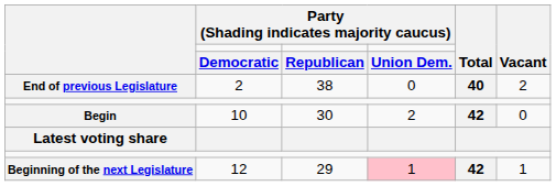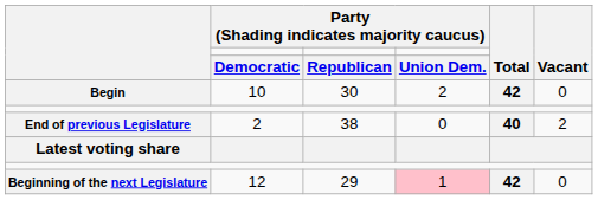 <table class=wikitable style="text-align:center">
 <tr style="vertical-align:bottom;">
 <th rowspan=3></th>
 <th colspan=3>Party <div>(Shading indicates majority caucus)</div></th>
 <th rowspan=3>Total</th>
 <th rowspan=3>Vacant</th>
 </tr>
 <tr style="height:5px">
 <td style="background-color:"></td>
 <td style="background-color:"></td>
 <td style="background-color:"></td>
 </tr>
 <tr>
 <th><a href='#'>Democratic</a></th>
 <th><a href='#'>Republican</a></th>
 <th><a href='#'>Union Dem.</a></th>
 </tr>
 <tr>
+<th style="font-size:80%">Begin</th>
+<td>10</td>
+<td>30</td>
+<td>2</td>
+<th>42</th>
+<td>0</td>
+</tr>
+<tr>
+<td colspan=6></td>
+</tr>
+<tr>
 <th style="white-space:nowrap; font-size:80%;">End of <a href='#'>previous Legislature</a></th>
 <td>2</td>
 <td>38</td>
 <td>0</td>
 <th>40</th>
 <td>2</td>
-</tr>
-<tr>
-<td colspan=6></td>
-</tr>
-<tr>
-<th style="font-size:80%">Begin</th>
-<td>10</td>
-<td>30</td>
-<td>2</td>
-<th>42</th>
-<td>0</td>
 </tr>
 <tr>
 <th>Latest voting share</th>
 <th></th>
 <th></th>
 <th></th>
 <th colspan=2></th>
 </tr>
 <tr>
 <td colspan=6></td>
 </tr>
 <tr>
 <th style="white-space:nowrap; font-size:80%;">Beginning of the <a href='#'>next Legislature</a></th>
 <td>12</td>
 <td>29</td>
 <td style="background: pink;">1</td>
 <th>42</th>
-<td>1</td>
+<td>0</td>
 </tr>
 </table>
